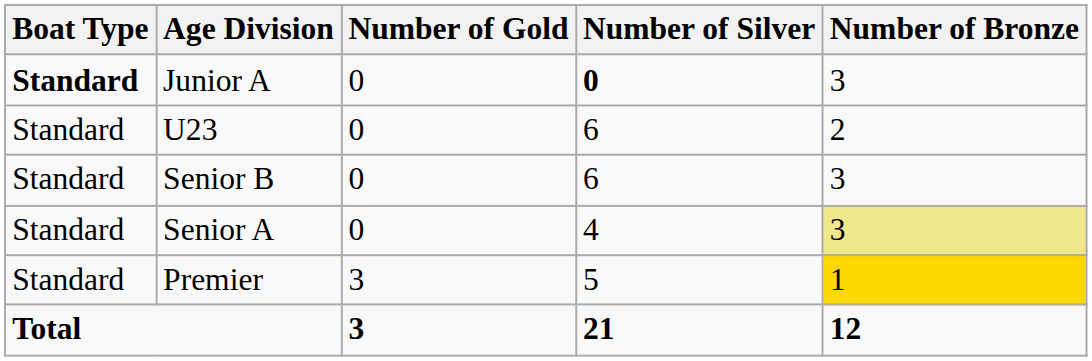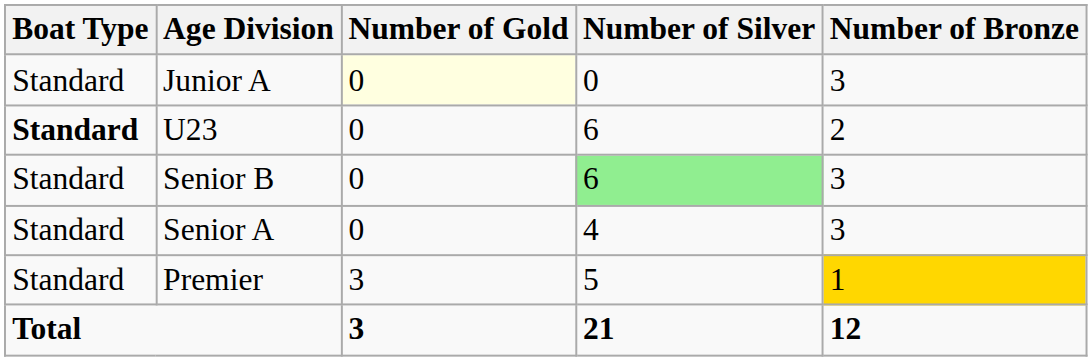 <table class="wikitable sortable">
 <tr>
 <th>Boat Type</th>
 <th>Age Division</th>
 <th>Number of Gold</th>
 <th>Number of Silver</th>
 <th>Number of Bronze</th>
 </tr>
 <tr>
-<td><strong>Standard</strong></td>
+<td>Standard</td>
 <td>Junior A</td>
+<td style="background: lightyellow;">0</td>
 <td>0</td>
-<td><strong>0</strong></td>
 <td>3</td>
 </tr>
 <tr>
-<td>Standard</td>
+<td><strong>Standard</strong></td>
 <td>U23</td>
 <td>0</td>
 <td>6</td>
 <td>2</td>
 </tr>
 <tr>
 <td>Standard</td>
 <td>Senior B</td>
 <td>0</td>
-<td>6</td>
+<td style="background: lightgreen;">6</td>
 <td>3</td>
 </tr>
 <tr>
 <td>Standard</td>
 <td>Senior A</td>
 <td>0</td>
 <td>4</td>
-<td style="background: khaki;">3</td>
+<td>3</td>
 </tr>
 <tr>
 <td>Standard</td>
 <td>Premier</td>
 <td>3</td>
 <td>5</td>
 <td style="background: gold;">1</td>
 </tr>
 <tr>
 <td colspan="2"><strong>Total</strong></td>
 <td><strong>3</strong></td>
 <td><strong>21</strong></td>
 <td><strong>12</strong></td>
 </tr>
 </table>
